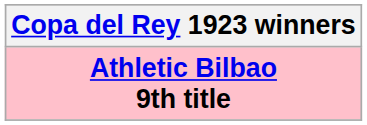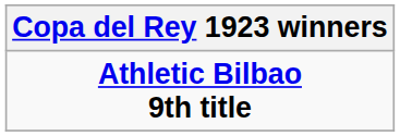 <table class="wikitable" style="text-align: center; margin: 0 auto;">
 <tr>
 <th><a href='#'>Copa del Rey</a> 1923 winners</th>
 </tr>
 <tr>
-<td style="background: pink;"><strong><a href='#'>Athletic Bilbao</a></strong><br><strong>9th title</strong></td>
+<td><strong><a href='#'>Athletic Bilbao</a></strong><br><strong>9th title</strong></td>
 </tr>
 </table>
